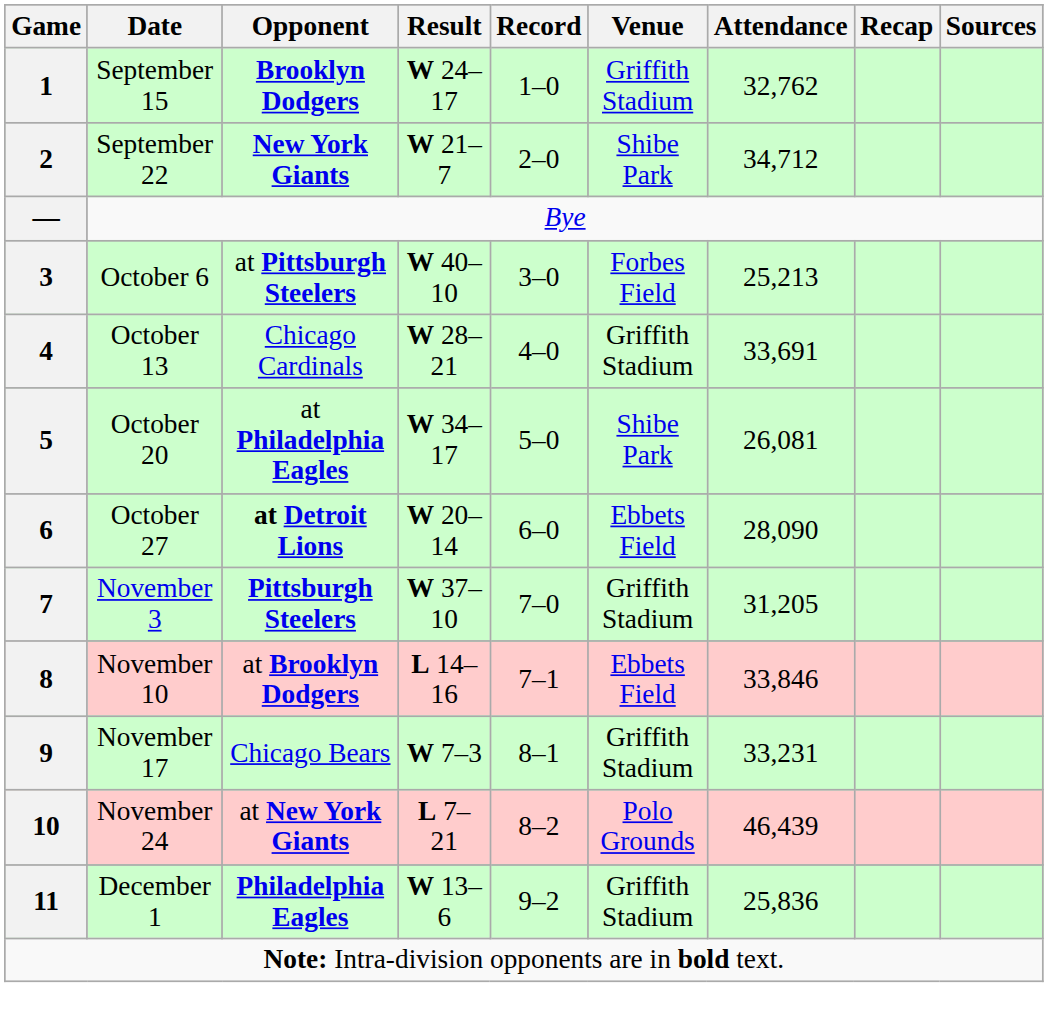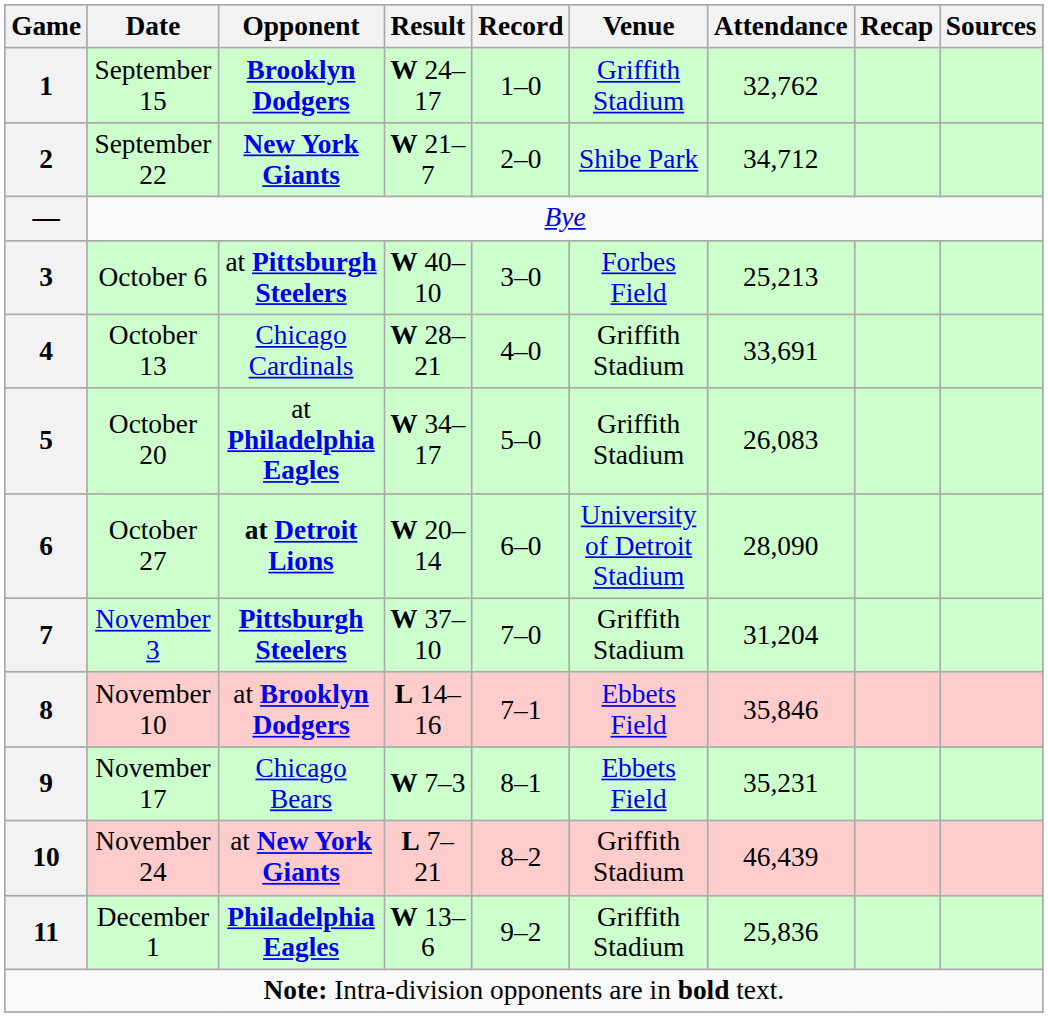 <table class="wikitable" style="text-align:center">
 <tr>
 <th>Game</th>
 <th>Date</th>
 <th>Opponent</th>
 <th>Result</th>
 <th>Record</th>
 <th>Venue</th>
 <th>Attendance</th>
 <th>Recap</th>
 <th>Sources</th>
 </tr>
 <tr style="background:#cfc">
 <th>1</th>
 <td>September 15</td>
 <td><strong><a href='#'>Brooklyn Dodgers</a></strong></td>
 <td><strong>W</strong> 24–17</td>
 <td>1–0</td>
 <td><a href='#'>Griffith Stadium</a></td>
 <td>32,762</td>
 <td></td>
 <td></td>
 </tr>
 <tr style="background:#cfc">
 <th>2</th>
 <td>September 22</td>
 <td><strong><a href='#'>New York Giants</a></strong></td>
 <td><strong>W</strong> 21–7</td>
 <td>2–0</td>
 <td><a href='#'>Shibe Park</a></td>
 <td>34,712</td>
 <td></td>
 <td></td>
 </tr>
 <tr>
 <th>—</th>
 <td colspan="9"><em><a href='#'>Bye</a></em></td>
 </tr>
 <tr style="background:#cfc">
 <th>3</th>
 <td>October 6</td>
 <td>at <strong><a href='#'>Pittsburgh Steelers</a></strong></td>
 <td><strong>W</strong> 40–10</td>
 <td>3–0</td>
 <td><a href='#'>Forbes Field</a></td>
 <td>25,213</td>
 <td></td>
 <td></td>
 </tr>
 <tr style="background:#cfc">
 <th>4</th>
 <td>October 13</td>
 <td><a href='#'>Chicago Cardinals</a></td>
 <td><strong>W</strong> 28–21</td>
 <td>4–0</td>
 <td>Griffith Stadium</td>
 <td>33,691</td>
 <td></td>
 <td></td>
 </tr>
 <tr style="background:#cfc">
 <th>5</th>
 <td>October 20</td>
 <td>at <strong><a href='#'>Philadelphia Eagles</a></strong></td>
 <td><strong>W</strong> 34–17</td>
 <td>5–0</td>
-<td><a href='#'>Shibe Park</a></td>
-<td>26,081</td>
+<td>Griffith Stadium</td>
+<td>26,083</td>
 <td></td>
 <td></td>
 </tr>
 <tr style="background:#cfc">
 <th>6</th>
 <td>October 27</td>
 <td><strong>at <a href='#'>Detroit Lions</a></strong></td>
 <td><strong>W</strong> 20–14</td>
 <td>6–0</td>
-<td><a href='#'>Ebbets Field</a></td>
+<td><a href='#'>University of Detroit Stadium</a></td>
 <td>28,090</td>
 <td></td>
 <td></td>
 </tr>
 <tr style="background:#cfc">
 <th>7</th>
 <td><a href='#'>November 3</a></td>
 <td><strong><a href='#'>Pittsburgh Steelers</a></strong></td>
 <td><strong>W</strong> 37–10</td>
 <td>7–0</td>
 <td>Griffith Stadium</td>
-<td>31,205</td>
+<td>31,204</td>
 <td></td>
 <td></td>
 </tr>
 <tr style="background:#fcc">
 <th>8</th>
 <td>November 10</td>
 <td>at <strong><a href='#'>Brooklyn Dodgers</a></strong></td>
 <td><strong>L</strong> 14–16</td>
 <td>7–1</td>
 <td><a href='#'>Ebbets Field</a></td>
-<td>33,846</td>
+<td>35,846</td>
 <td></td>
 <td></td>
 </tr>
 <tr style="background:#cfc">
 <th>9</th>
 <td>November 17</td>
 <td><a href='#'>Chicago Bears</a></td>
 <td><strong>W</strong> 7–3</td>
 <td>8–1</td>
-<td>Griffith Stadium</td>
-<td>33,231</td>
+<td><a href='#'>Ebbets Field</a></td>
+<td>35,231</td>
 <td></td>
 <td></td>
 </tr>
 <tr style="background:#fcc">
 <th>10</th>
 <td>November 24</td>
 <td>at <strong><a href='#'>New York Giants</a></strong></td>
 <td><strong>L</strong> 7–21</td>
 <td>8–2</td>
-<td><a href='#'>Polo Grounds</a></td>
+<td>Griffith Stadium</td>
 <td>46,439</td>
 <td></td>
 <td></td>
 </tr>
 <tr style="background:#cfc">
 <th>11</th>
 <td>December 1</td>
 <td><strong><a href='#'>Philadelphia Eagles</a></strong></td>
 <td><strong>W</strong> 13–6</td>
 <td>9–2</td>
 <td>Griffith Stadium</td>
 <td>25,836</td>
 <td></td>
 <td></td>
 </tr>
 <tr>
 <td colspan="10"><strong>Note:</strong> Intra-division opponents are in <strong>bold</strong> text.</td>
 </tr>
 </table>
